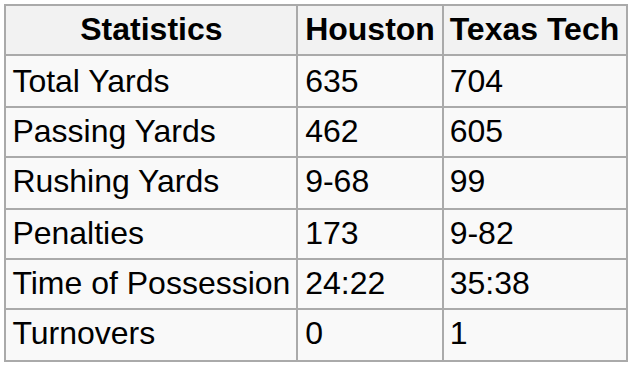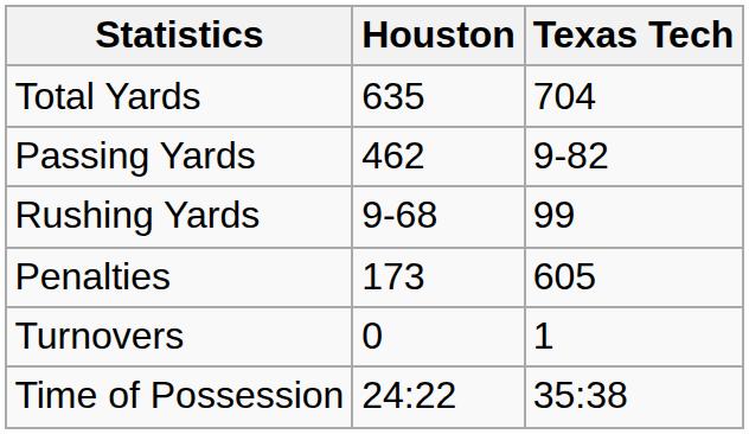 <table class="wikitable">
 <tr>
 <th>Statistics</th>
 <th>Houston</th>
 <th>Texas Tech</th>
 </tr>
 <tr>
 </tr>
 <tr>
 <td>Total Yards</td>
 <td>635</td>
 <td>704</td>
 </tr>
 <tr>
 <td>Passing Yards</td>
 <td>462</td>
-<td>605</td>
+<td>9-82</td>
 </tr>
 <tr>
 <td>Rushing Yards</td>
 <td>9-68</td>
 <td>99</td>
 </tr>
 <tr>
 <td>Penalties</td>
 <td>173</td>
-<td>9-82</td>
+<td>605</td>
+</tr>
+<tr>
+<td>Turnovers</td>
+<td>0</td>
+<td>1</td>
 </tr>
 <tr>
 <td>Time of Possession</td>
 <td>24:22</td>
 <td>35:38</td>
 </tr>
-<tr>
-<td>Turnovers</td>
-<td>0</td>
-<td>1</td>
-</tr>
 </table>
